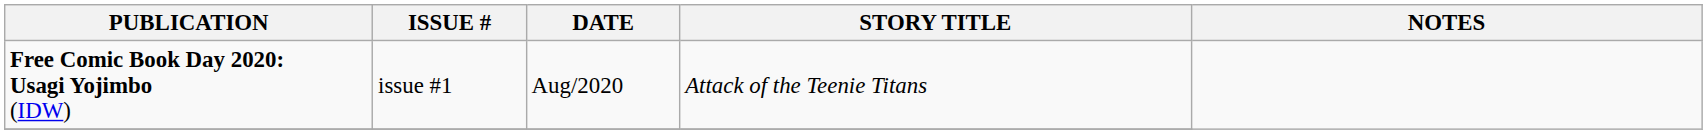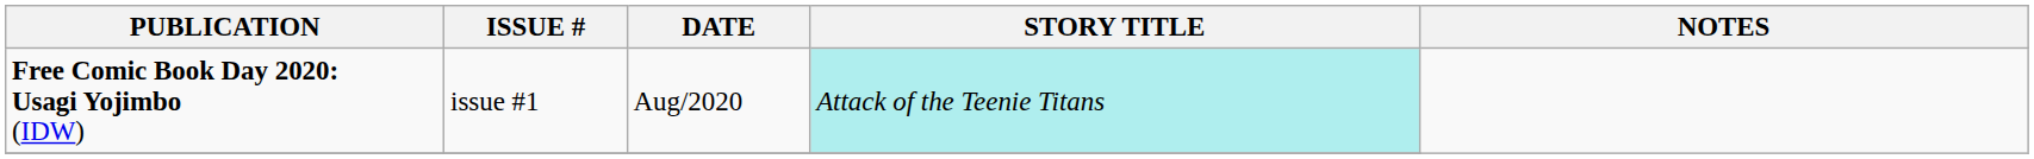 <table class="wikitable">
 <tr>
 <th width="250"><strong>PUBLICATION</strong></th>
 <th width="100"><strong>ISSUE #</strong></th>
 <th width="100"><strong>DATE</strong></th>
 <th width="350"><strong>STORY TITLE</strong></th>
 <th width="350"><strong>NOTES</strong></th>
 </tr>
 <tr>
 <td rowspan=1><strong>Free Comic Book Day 2020: <br>Usagi Yojimbo</strong><br>(<a href='#'>IDW</a>)</td>
 <td>issue #1</td>
 <td>Aug/2020</td>
-<td><em>Attack of the Teenie Titans</em></td>
+<td style="background: paleturquoise;"><em>Attack of the Teenie Titans</em></td>
 </tr>
 <tr>
 </tr>
 </table>
